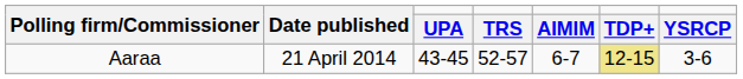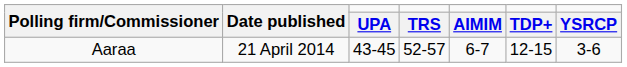 <table class="wikitable" style="text-align:center;font-size:95%;line-height:16px;">
 <tr>
 <th rowspan="2" class="wikitable">Polling firm/Commissioner</th>
 <th rowspan="2" class="wikitable">Date published</th>
 <td></td>
 <td></td>
 <td></td>
 <td></td>
 <td></td>
 </tr>
 <tr>
 <th><a href='#'>UPA</a></th>
 <th><a href='#'>TRS</a></th>
 <th><a href='#'>AIMIM</a></th>
 <th><a href='#'>TDP+</a></th>
 <th><a href='#'>YSRCP</a></th>
 </tr>
 <tr>
 <td>Aaraa</td>
 <td>21 April 2014</td>
 <td>43-45</td>
 <td style="background:">52-57</td>
 <td>6-7</td>
-<td style="background: khaki;">12-15</td>
+<td>12-15</td>
 <td>3-6</td>
 </tr>
 </table>
